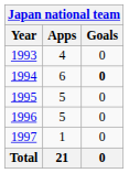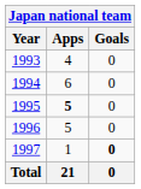 <table class="wikitable" style="text-align:center">
 <tr>
 <th colspan=3><a href='#'>Japan national team</a></th>
 </tr>
 <tr>
 <th>Year</th>
 <th>Apps</th>
 <th>Goals</th>
 </tr>
 <tr>
 <td><a href='#'>1993</a></td>
 <td>4</td>
 <td>0</td>
 </tr>
 <tr>
 <td><a href='#'>1994</a></td>
 <td>6</td>
-<td><strong>0</strong></td>
+<td>0</td>
 </tr>
 <tr>
 <td><a href='#'>1995</a></td>
-<td>5</td>
+<td><strong>5</strong></td>
 <td>0</td>
 </tr>
 <tr>
 <td><a href='#'>1996</a></td>
 <td>5</td>
 <td>0</td>
 </tr>
 <tr>
 <td><a href='#'>1997</a></td>
 <td>1</td>
-<td>0</td>
+<td><strong>0</strong></td>
 </tr>
 <tr>
 <th>Total</th>
 <th>21</th>
 <th>0</th>
 </tr>
 </table>
